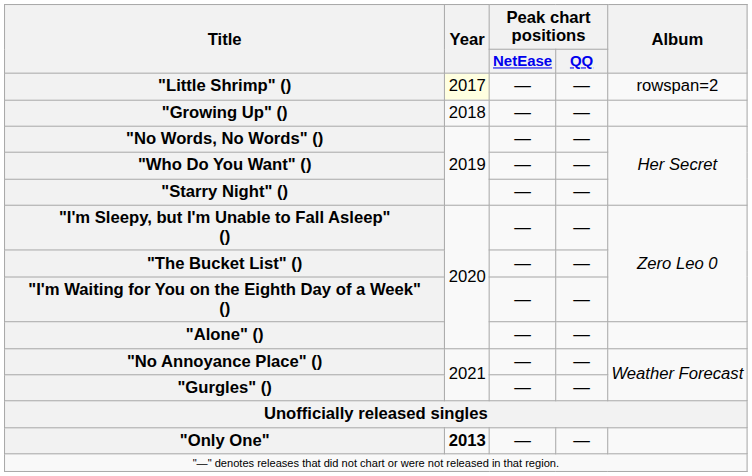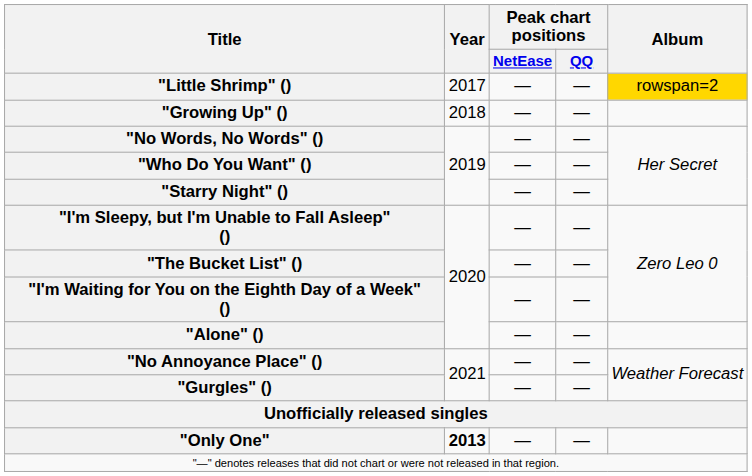 <table class="wikitable plainrowheaders" style="text-align:center;">
 <tr>
 <th rowspan="2" scope="col" style="width:26em;">Title</th>
 <th rowspan="2" scope="col">Year</th>
 <th colspan="2" scope="col">Peak chart positions</th>
 <th rowspan="2" scope="col">Album</th>
 </tr>
 <tr>
 <th scope="col" style="width:3em; font-size:90%;"><a href='#'>NetEase</a></th>
 <th scope="col" style="width:3em; font-size:90%;"><a href='#'>QQ</a></th>
 </tr>
 <tr>
 <th scope="row">"Little Shrimp" ()</th>
-<td style="background: lightyellow;">2017</td>
+<td>2017</td>
 <td>—</td>
 <td>—</td>
-<td>rowspan=2 </td>
+<td style="background: gold;">rowspan=2 </td>
 </tr>
 <tr>
 <th scope="row">"Growing Up" ()</th>
 <td>2018</td>
 <td>—</td>
 <td>—</td>
 </tr>
 <tr>
 <th scope="row">"No Words, No Words" ()</th>
 <td rowspan=3>2019</td>
 <td>—</td>
 <td>—</td>
 <td rowspan=3><em>Her Secret</em></td>
 </tr>
 <tr>
 <th scope="row">"Who Do You Want" ()</th>
 <td>—</td>
 <td>—</td>
 </tr>
 <tr>
 <th scope="row">"Starry Night" ()</th>
 <td>—</td>
 <td>—</td>
 </tr>
 <tr>
 <th scope="row">"I'm Sleepy, but I'm Unable to Fall Asleep"<br>()</th>
 <td rowspan=4>2020</td>
 <td>—</td>
 <td>—</td>
 <td rowspan=3><em>Zero Leo 0</em></td>
 </tr>
 <tr>
 <th scope="row">"The Bucket List" ()</th>
 <td>—</td>
 <td>—</td>
 </tr>
 <tr>
 <th scope="row">"I'm Waiting for You on the Eighth Day of a Week"<br>()</th>
 <td>—</td>
 <td>—</td>
 </tr>
 <tr>
 <th scope="row">"Alone" ()</th>
 <td>—</td>
 <td>—</td>
 <td></td>
 </tr>
 <tr>
 <th scope="row">"No Annoyance Place" ()</th>
 <td rowspan=2>2021</td>
 <td>—</td>
 <td>—</td>
 <td rowspan=2><em>Weather Forecast</em></td>
 </tr>
 <tr>
 <th scope="row">"Gurgles" ()</th>
 <td>—</td>
 <td>—</td>
 </tr>
 <tr>
 <th colspan="5" scope="col">Unofficially released singles</th>
 </tr>
 <tr>
 <th scope="row">"Only One"</th>
 <td><strong>2013</strong></td>
 <td>—</td>
 <td>—</td>
 <td></td>
 </tr>
 <tr>
 <td colspan="5" style="font-size:8pt; text-align:center;">"—" denotes releases that did not chart or were not released in that region.</td>
 </tr>
 </table>
